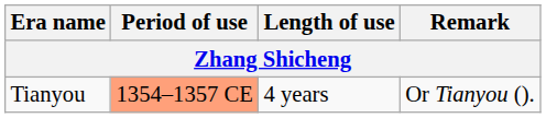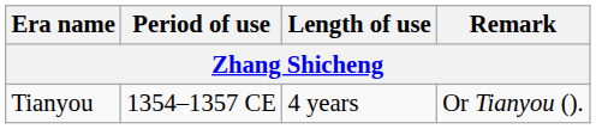 <table class="wikitable">
 <tr>
 <th>Era name</th>
 <th>Period of use</th>
 <th>Length of use</th>
 <th>Remark</th>
 </tr>
 <tr>
 <th colspan="4"><a href='#'>Zhang Shicheng</a><br></th>
 </tr>
 <tr>
 <td>Tianyou<br></td>
-<td style="background: lightsalmon;">1354–1357 CE</td>
+<td>1354–1357 CE</td>
 <td>4 years</td>
 <td>Or <em>Tianyou</em> ().</td>
 </tr>
 </table>
